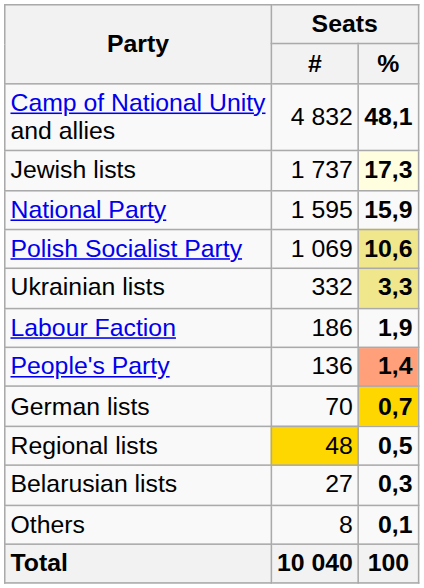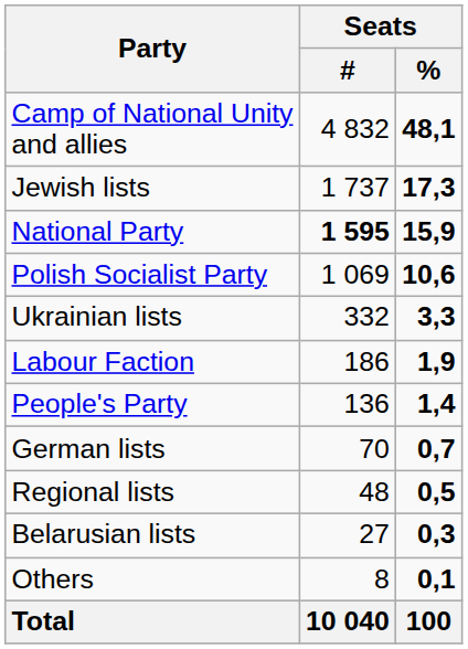 <table class="wikitable" style="text-align:right;">
 <tr>
 <th rowspan="2">Party</th>
 <th colspan="2">Seats</th>
 </tr>
 <tr>
 <th>#</th>
 <th>%</th>
 </tr>
 <tr>
 <td style="text-align: left"><a href='#'>Camp of National Unity</a><br>and allies</td>
 <td>4 832</td>
 <td><strong>48,1</strong></td>
 </tr>
 <tr>
 <td style="text-align: left">Jewish lists</td>
 <td>1 737</td>
-<td style="background: lightyellow;"><strong>17,3</strong></td>
+<td><strong>17,3</strong></td>
 </tr>
 <tr>
 <td style="text-align: left"><a href='#'>National Party</a></td>
-<td>1 595</td>
+<td><strong>1 595</strong></td>
 <td><strong>15,9</strong></td>
 </tr>
 <tr>
 <td style="text-align: left"><a href='#'>Polish Socialist Party</a></td>
 <td>1 069</td>
-<td style="background: khaki;"><strong>10,6</strong></td>
+<td><strong>10,6</strong></td>
 </tr>
 <tr>
 <td style="text-align: left">Ukrainian lists</td>
 <td>332</td>
-<td style="background: khaki;"><strong>3,3</strong></td>
+<td><strong>3,3</strong></td>
 </tr>
 <tr>
 <td style="text-align: left"><a href='#'>Labour Faction</a></td>
 <td>186</td>
 <td><strong>1,9</strong></td>
 </tr>
 <tr>
 <td style="text-align: left"><a href='#'>People's Party</a></td>
 <td>136</td>
-<td style="background: lightsalmon;"><strong>1,4</strong></td>
+<td><strong>1,4</strong></td>
 </tr>
 <tr>
 <td style="text-align: left">German lists</td>
 <td>70</td>
-<td style="background: gold;"><strong>0,7</strong></td>
+<td><strong>0,7</strong></td>
 </tr>
 <tr>
 <td style="text-align: left">Regional lists</td>
-<td style="background: gold;">48</td>
+<td>48</td>
 <td><strong>0,5</strong></td>
 </tr>
 <tr>
 <td style="text-align: left">Belarusian lists</td>
 <td>27</td>
 <td><strong>0,3</strong></td>
 </tr>
 <tr>
 <td style="text-align: left">Others</td>
 <td>8</td>
 <td><strong>0,1</strong></td>
 </tr>
 <tr>
 <th style="text-align: left">Total</th>
 <th>10 040</th>
 <th>100</th>
 </tr>
 </table>
